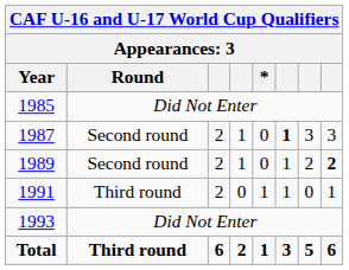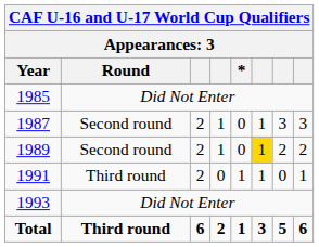 <table class="wikitable" style="text-align: center;">
 <tr>
 <th colspan=8><a href='#'>CAF U-16 and U-17 World Cup Qualifiers</a></th>
 </tr>
 <tr>
 <th colspan=8>Appearances: 3</th>
 </tr>
 <tr>
 <th>Year</th>
 <th>Round</th>
 <th></th>
 <th></th>
 <th>*</th>
 <th></th>
 <th></th>
 <th></th>
 </tr>
 <tr>
 <td><a href='#'>1985</a></td>
 <td colspan=7 rowspan=1><em>Did Not Enter</em></td>
 </tr>
 <tr>
 <td><a href='#'>1987</a></td>
 <td>Second round</td>
 <td>2</td>
 <td>1</td>
 <td>0</td>
-<td><strong>1</strong></td>
+<td>1</td>
 <td>3</td>
 <td>3</td>
 </tr>
 <tr>
 <td><a href='#'>1989</a></td>
 <td>Second round</td>
 <td>2</td>
 <td>1</td>
 <td>0</td>
-<td>1</td>
+<td style="background: gold;">1</td>
 <td>2</td>
-<td><strong>2</strong></td>
+<td>2</td>
 </tr>
 <tr>
 <td><a href='#'>1991</a></td>
 <td>Third round</td>
 <td>2</td>
 <td>0</td>
 <td>1</td>
 <td>1</td>
 <td>0</td>
 <td>1</td>
 </tr>
 <tr>
 <td><a href='#'>1993</a></td>
 <td colspan=7 rowspan=1><em>Did Not Enter</em></td>
 </tr>
 <tr>
 <td><strong>Total</strong></td>
 <td><strong>Third round</strong></td>
 <td><strong>6</strong></td>
 <td><strong>2</strong></td>
 <td><strong>1</strong></td>
 <td><strong>3</strong></td>
 <td><strong>5</strong></td>
 <td><strong>6</strong></td>
 </tr>
 </table>
